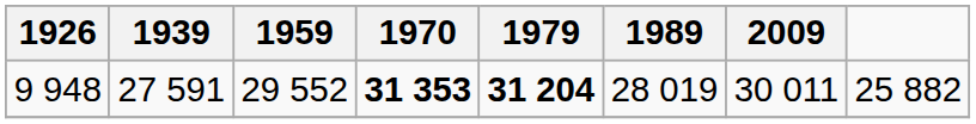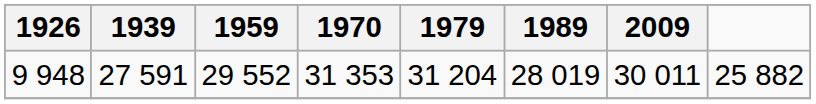 <table class="wikitable">
 <tr>
 <th>1926</th>
 <th>1939</th>
 <th>1959</th>
 <th>1970</th>
 <th>1979</th>
 <th>1989<br></th>
 <th>2009</th>
 </tr>
 <tr>
 <td>9 948</td>
 <td>27 591</td>
 <td>29 552</td>
-<td><strong>31 353</strong></td>
-<td><strong>31 204</strong></td>
+<td>31 353</td>
+<td>31 204</td>
 <td>28 019</td>
 <td>30 011</td>
 <td>25 882</td>
 </tr>
 <tr>
 </tr>
 </table>
